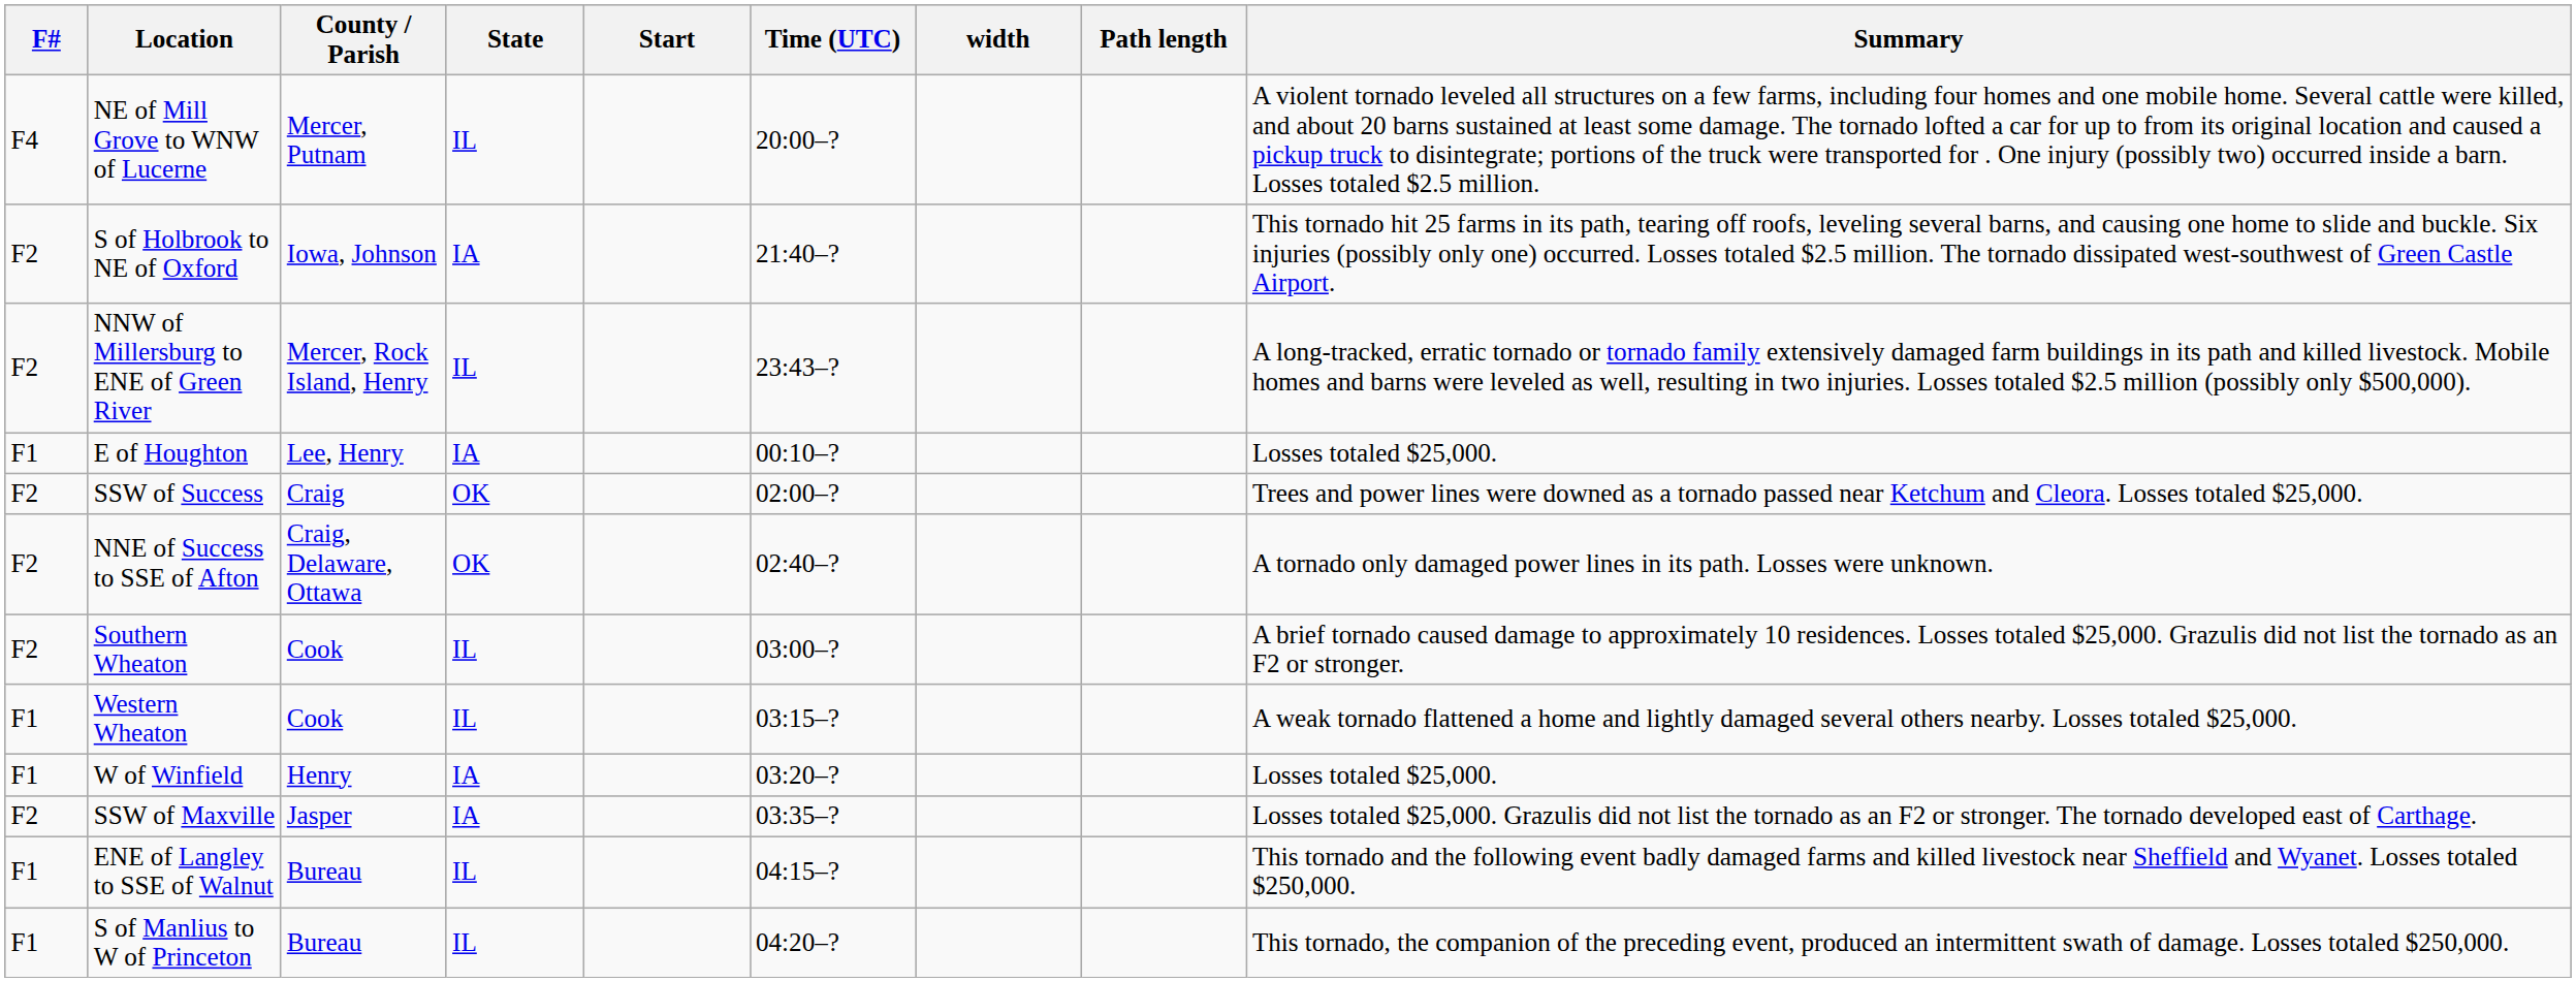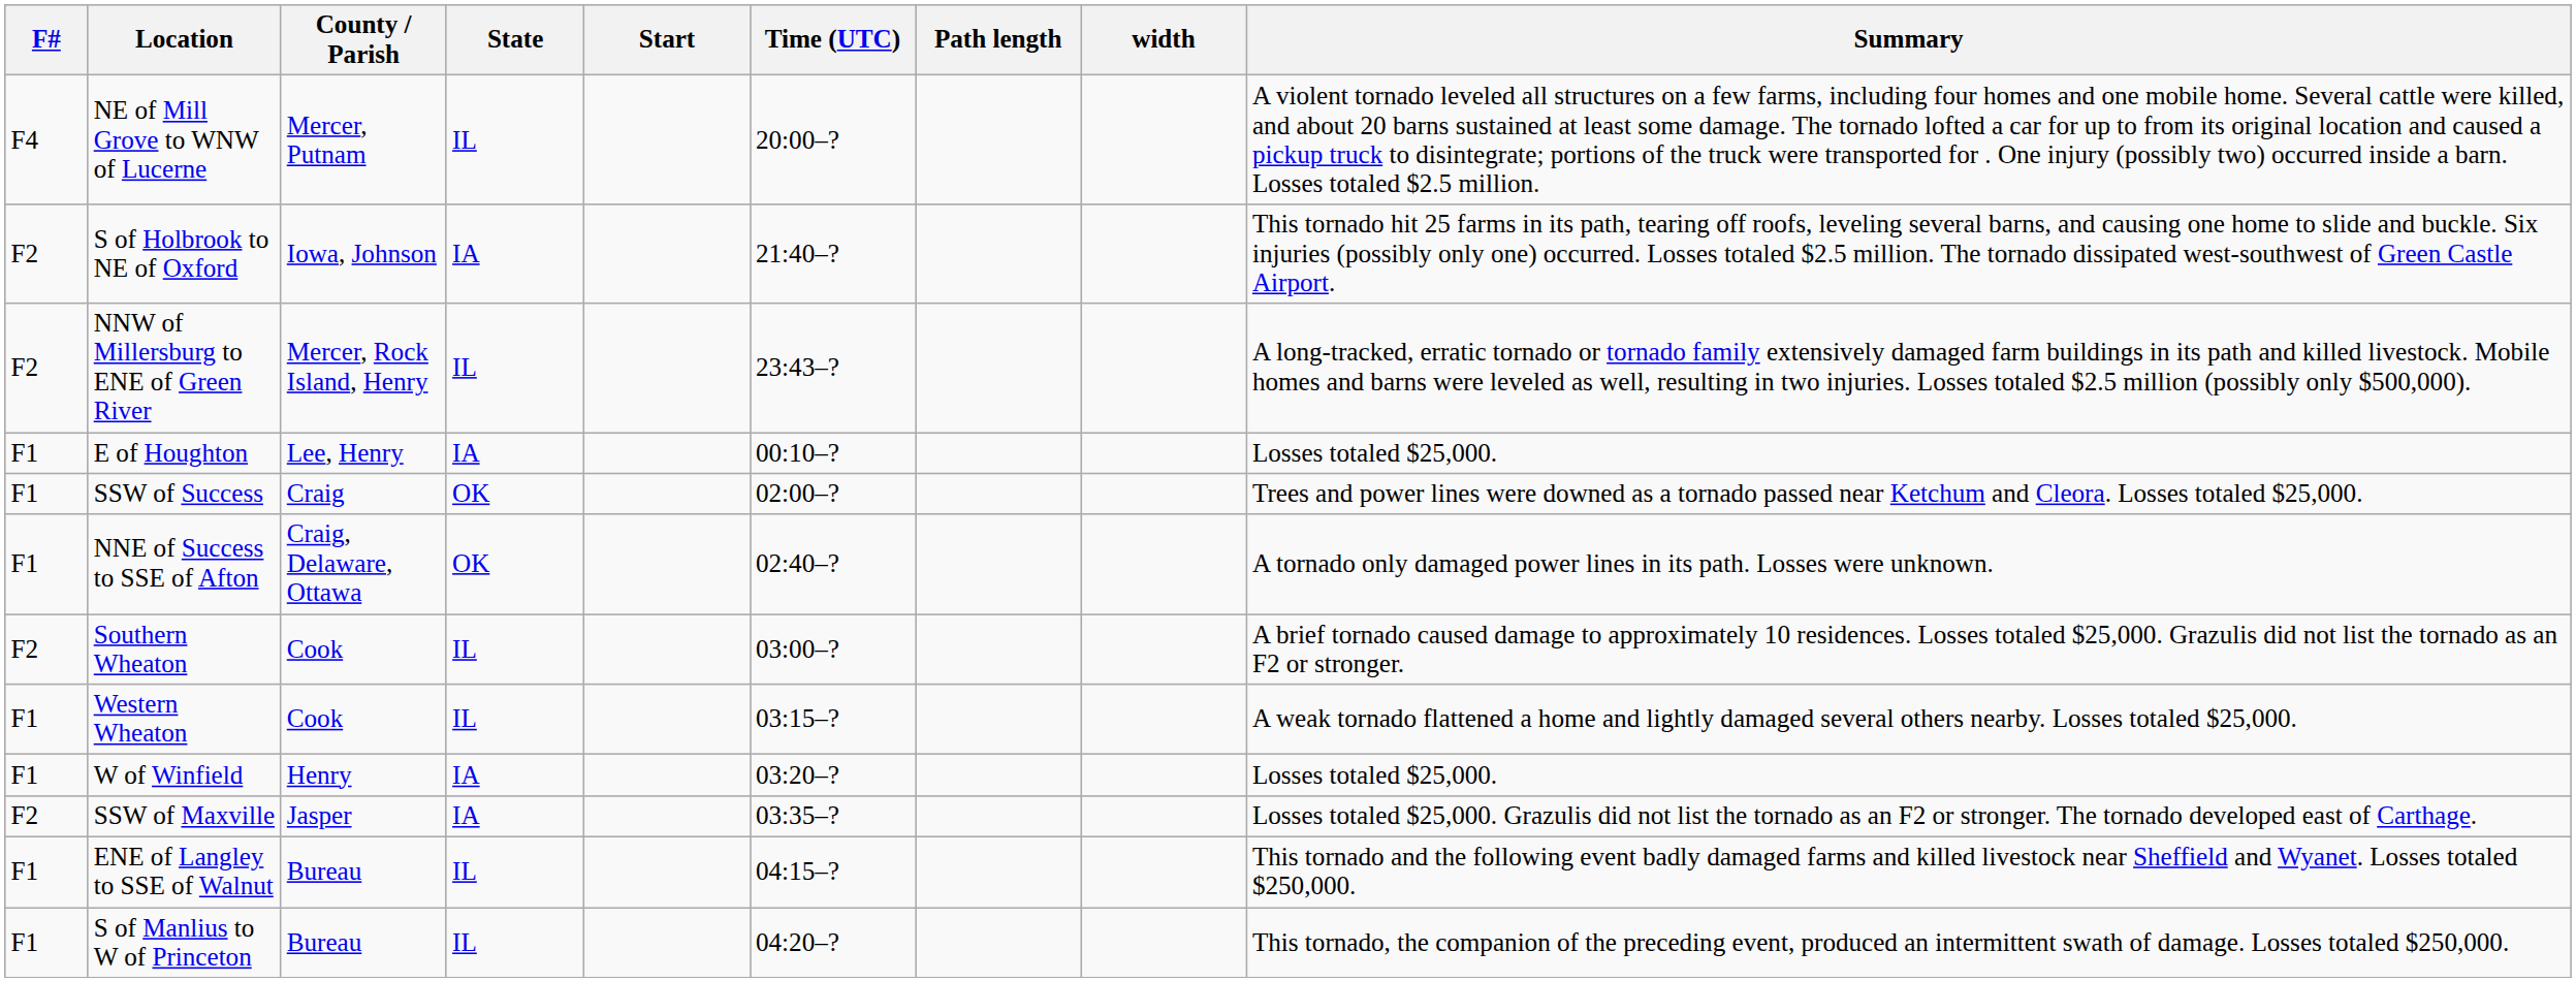 <table class="wikitable sortable" style="width:100%;">
 <tr>
 <th scope="col"  style="width:3%; text-align:center;"><a href='#'>F#</a></th>
 <th scope="col"  style="width:7%; text-align:center;" class="unsortable">Location</th>
 <th scope="col"  style="width:6%; text-align:center;" class="unsortable">County / Parish</th>
 <th scope="col"  style="width:5%; text-align:center;">State</th>
 <th scope="col"  style="width:6%; text-align:center;">Start<br></th>
 <th scope="col"  style="width:6%; text-align:center;">Time (<a href='#'>UTC</a>)</th>
+<th scope="col"  style="width:6%; text-align:center;">Path length</th>
 <th scope="col"  style="width:6%; text-align:center;"> width</th>
-<th scope="col"  style="width:6%; text-align:center;">Path length</th>
 <th scope="col" class="unsortable" style="width:48%; text-align:center;">Summary</th>
 </tr>
 <tr>
 <td>F4</td>
 <td>NE of <a href='#'>Mill Grove</a> to WNW of <a href='#'>Lucerne</a></td>
 <td><a href='#'>Mercer</a>, <a href='#'>Putnam</a></td>
 <td><a href='#'>IL</a></td>
 <td></td>
 <td>20:00–?</td>
 <td></td>
 <td></td>
 <td>A violent tornado leveled all structures on a few farms, including four homes and one mobile home. Several cattle were killed, and about 20 barns sustained at least some damage. The tornado lofted a car for up to  from its original location and caused a <a href='#'>pickup truck</a> to disintegrate; portions of the truck were transported for . One injury (possibly two) occurred inside a barn. Losses totaled $2.5 million.</td>
 </tr>
 <tr>
 <td>F2</td>
 <td>S of <a href='#'>Holbrook</a> to NE of <a href='#'>Oxford</a></td>
 <td><a href='#'>Iowa</a>, <a href='#'>Johnson</a></td>
 <td><a href='#'>IA</a></td>
 <td></td>
 <td>21:40–?</td>
 <td></td>
 <td></td>
 <td>This tornado hit 25 farms in its path, tearing off roofs, leveling several barns, and causing one home to slide and buckle. Six injuries (possibly only one) occurred. Losses totaled $2.5 million. The tornado dissipated west-southwest of <a href='#'>Green Castle Airport</a>.</td>
 </tr>
 <tr>
 <td>F2</td>
 <td>NNW of <a href='#'>Millersburg</a> to ENE of <a href='#'>Green River</a></td>
 <td><a href='#'>Mercer</a>, <a href='#'>Rock Island</a>, <a href='#'>Henry</a></td>
 <td><a href='#'>IL</a></td>
 <td></td>
 <td>23:43–?</td>
 <td></td>
 <td></td>
 <td>A long-tracked, erratic tornado or <a href='#'>tornado family</a> extensively damaged farm buildings in its path and killed livestock. Mobile homes and barns were leveled as well, resulting in two injuries. Losses totaled $2.5 million (possibly only $500,000).</td>
 </tr>
 <tr>
 <td>F1</td>
 <td>E of <a href='#'>Houghton</a></td>
 <td><a href='#'>Lee</a>, <a href='#'>Henry</a></td>
 <td><a href='#'>IA</a></td>
 <td></td>
 <td>00:10–?</td>
 <td></td>
 <td></td>
 <td>Losses totaled $25,000.</td>
 </tr>
 <tr>
-<td>F2</td>
+<td>F1</td>
 <td>SSW of <a href='#'>Success</a></td>
 <td><a href='#'>Craig</a></td>
 <td><a href='#'>OK</a></td>
 <td></td>
 <td>02:00–?</td>
 <td></td>
 <td></td>
 <td>Trees and power lines were downed as a tornado passed near <a href='#'>Ketchum</a> and <a href='#'>Cleora</a>. Losses totaled $25,000.</td>
 </tr>
 <tr>
-<td>F2</td>
+<td>F1</td>
 <td>NNE of <a href='#'>Success</a> to SSE of <a href='#'>Afton</a></td>
 <td><a href='#'>Craig</a>, <a href='#'>Delaware</a>, <a href='#'>Ottawa</a></td>
 <td><a href='#'>OK</a></td>
 <td></td>
 <td>02:40–?</td>
 <td></td>
 <td></td>
 <td>A tornado only damaged power lines in its path. Losses were unknown.</td>
 </tr>
 <tr>
 <td>F2</td>
 <td><a href='#'>Southern Wheaton</a></td>
 <td><a href='#'>Cook</a></td>
 <td><a href='#'>IL</a></td>
 <td></td>
 <td>03:00–?</td>
 <td></td>
 <td></td>
 <td>A brief tornado caused damage to approximately 10 residences. Losses totaled $25,000. Grazulis did not list the tornado as an F2 or stronger.</td>
 </tr>
 <tr>
 <td>F1</td>
 <td><a href='#'>Western Wheaton</a></td>
 <td><a href='#'>Cook</a></td>
 <td><a href='#'>IL</a></td>
 <td></td>
 <td>03:15–?</td>
 <td></td>
 <td></td>
 <td>A weak tornado flattened a home and lightly damaged several others nearby. Losses totaled $25,000.</td>
 </tr>
 <tr>
 <td>F1</td>
 <td>W of <a href='#'>Winfield</a></td>
 <td><a href='#'>Henry</a></td>
 <td><a href='#'>IA</a></td>
 <td></td>
 <td>03:20–?</td>
 <td></td>
 <td></td>
 <td>Losses totaled $25,000.</td>
 </tr>
 <tr>
 <td>F2</td>
 <td>SSW of <a href='#'>Maxville</a></td>
 <td><a href='#'>Jasper</a></td>
 <td><a href='#'>IA</a></td>
 <td></td>
 <td>03:35–?</td>
 <td></td>
 <td></td>
 <td>Losses totaled $25,000. Grazulis did not list the tornado as an F2 or stronger. The tornado developed east of <a href='#'>Carthage</a>.</td>
 </tr>
 <tr>
 <td>F1</td>
 <td>ENE of <a href='#'>Langley</a> to SSE of <a href='#'>Walnut</a></td>
 <td><a href='#'>Bureau</a></td>
 <td><a href='#'>IL</a></td>
 <td></td>
 <td>04:15–?</td>
 <td></td>
 <td></td>
 <td>This tornado and the following event badly damaged farms and killed livestock near <a href='#'>Sheffield</a> and <a href='#'>Wyanet</a>. Losses totaled $250,000.</td>
 </tr>
 <tr>
 <td>F1</td>
 <td>S of <a href='#'>Manlius</a> to W of <a href='#'>Princeton</a></td>
 <td><a href='#'>Bureau</a></td>
 <td><a href='#'>IL</a></td>
 <td></td>
 <td>04:20–?</td>
 <td></td>
 <td></td>
 <td>This tornado, the companion of the preceding event, produced an intermittent swath of damage. Losses totaled $250,000.</td>
 </tr>
 </table>
